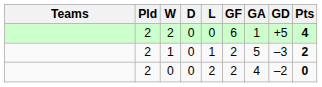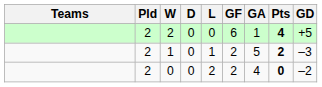 <table class="wikitable" style="text-align: center;">
 <tr>
 <th width=165>Teams</th>
 <th width=20>Pld</th>
 <th width=20>W</th>
 <th width=20>D</th>
 <th width=20>L</th>
 <th width=20>GF</th>
 <th width=20>GA</th>
+<th width=20>Pts</th>
 <th width=20>GD</th>
-<th width=20>Pts</th>
 </tr>
 <tr align=center style="background:#ccffcc;">
 <td style="text-align:left;"></td>
 <td>2</td>
 <td>2</td>
 <td>0</td>
 <td>0</td>
 <td>6</td>
 <td>1</td>
+<td><strong>4</strong></td>
 <td>+5</td>
-<td><strong>4</strong></td>
 </tr>
 <tr align=center>
 <td style="text-align:left;"></td>
 <td>2</td>
 <td>1</td>
 <td>0</td>
 <td>1</td>
 <td>2</td>
 <td>5</td>
+<td><strong>2</strong></td>
 <td>–3</td>
-<td><strong>2</strong></td>
 </tr>
 <tr align=center>
 <td style="text-align:left;"></td>
 <td>2</td>
 <td>0</td>
 <td>0</td>
 <td>2</td>
 <td>2</td>
 <td>4</td>
+<td><strong>0</strong></td>
 <td>–2</td>
-<td><strong>0</strong></td>
 </tr>
 </table>
